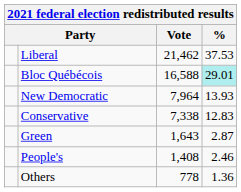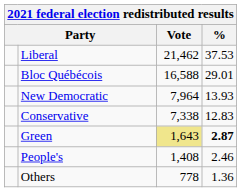 <table class="wikitable">
 <tr>
 <th colspan="4"><a href='#'>2021 federal election</a> redistributed results</th>
 </tr>
 <tr>
 <th bgcolor="#DDDDFF" width="130px" colspan="2">Party</th>
 <th bgcolor="#DDDDFF" width="50px">Vote</th>
 <th bgcolor="#DDDDFF" width="30px">%</th>
 </tr>
 <tr>
 <td> </td>
 <td><a href='#'>Liberal</a></td>
 <td align=right>21,462</td>
 <td align=right>37.53</td>
 </tr>
 <tr>
 <td> </td>
 <td><a href='#'>Bloc Québécois</a></td>
 <td align=right>16,588</td>
-<td align=right style="background: paleturquoise;">29.01</td>
+<td align=right>29.01</td>
 </tr>
 <tr>
 <td> </td>
 <td><a href='#'>New Democratic</a></td>
 <td align=right>7,964</td>
 <td align=right>13.93</td>
 </tr>
 <tr>
 <td> </td>
 <td><a href='#'>Conservative</a></td>
 <td align=right>7,338</td>
 <td align=right>12.83</td>
 </tr>
 <tr>
 <td> </td>
 <td><a href='#'>Green</a></td>
-<td align=right>1,643</td>
-<td align=right>2.87</td>
+<td align=right style="background: khaki;">1,643</td>
+<td align=right><strong>2.87</strong></td>
 </tr>
 <tr>
 <td> </td>
 <td><a href='#'>People's</a></td>
 <td align=right>1,408</td>
 <td align=right>2.46</td>
 </tr>
 <tr>
 <td> </td>
 <td>Others</td>
 <td align=right>778</td>
 <td align=right>1.36</td>
 </tr>
 </table>
